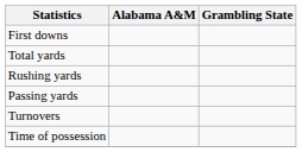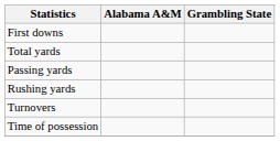 <table class="wikitable">
 <tr>
 <th>Statistics</th>
 <th>Alabama A&M</th>
 <th>Grambling State</th>
 </tr>
 <tr>
 <td>First downs</td>
 <td> </td>
 <td> </td>
 </tr>
 <tr>
 <td>Total yards</td>
 <td> </td>
 <td> </td>
 </tr>
 <tr>
-<td>Rushing yards</td>
+<td>Passing yards</td>
 <td> </td>
 <td> </td>
 </tr>
 <tr>
-<td>Passing yards</td>
+<td>Rushing yards</td>
 <td> </td>
 <td> </td>
 </tr>
 <tr>
 <td>Turnovers</td>
 <td> </td>
 <td> </td>
 </tr>
 <tr>
 <td>Time of possession</td>
 <td> </td>
 <td> </td>
 </tr>
 <tr>
 </tr>
 </table>
